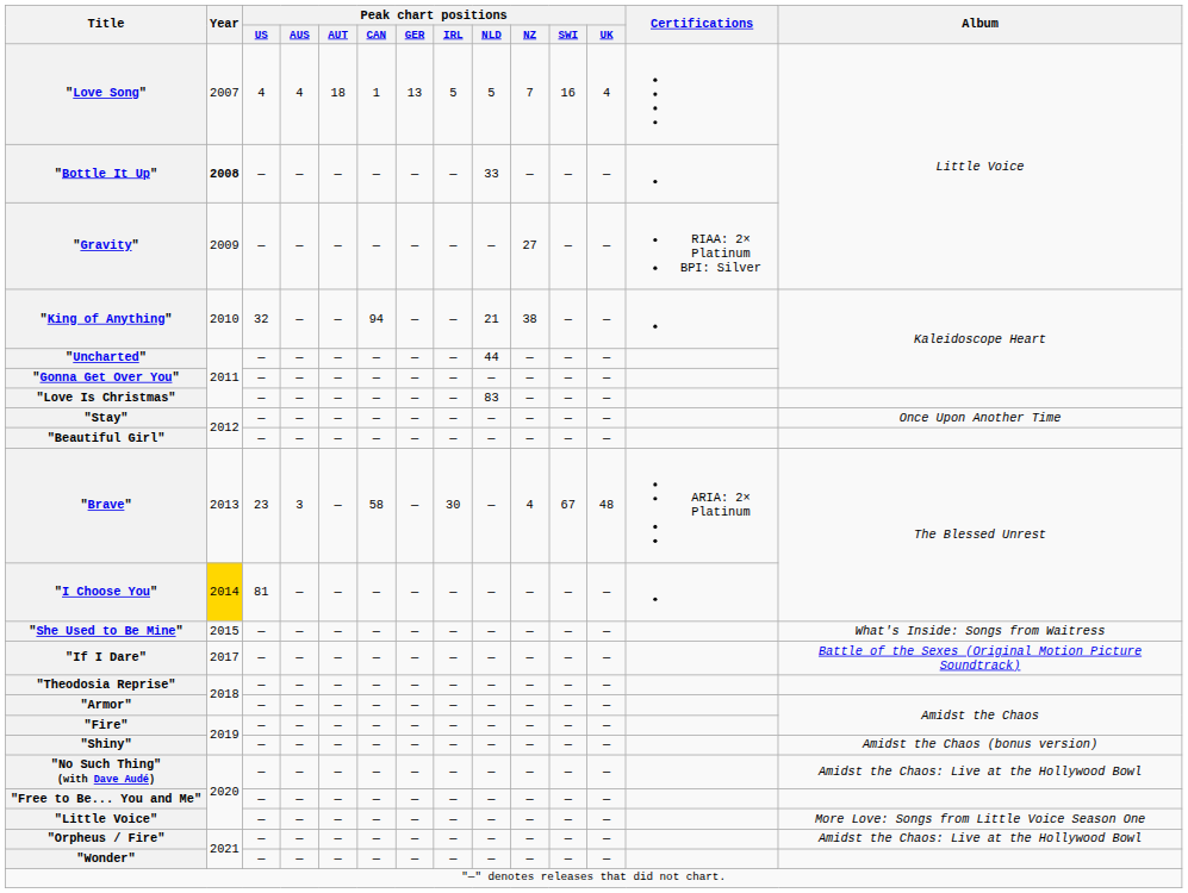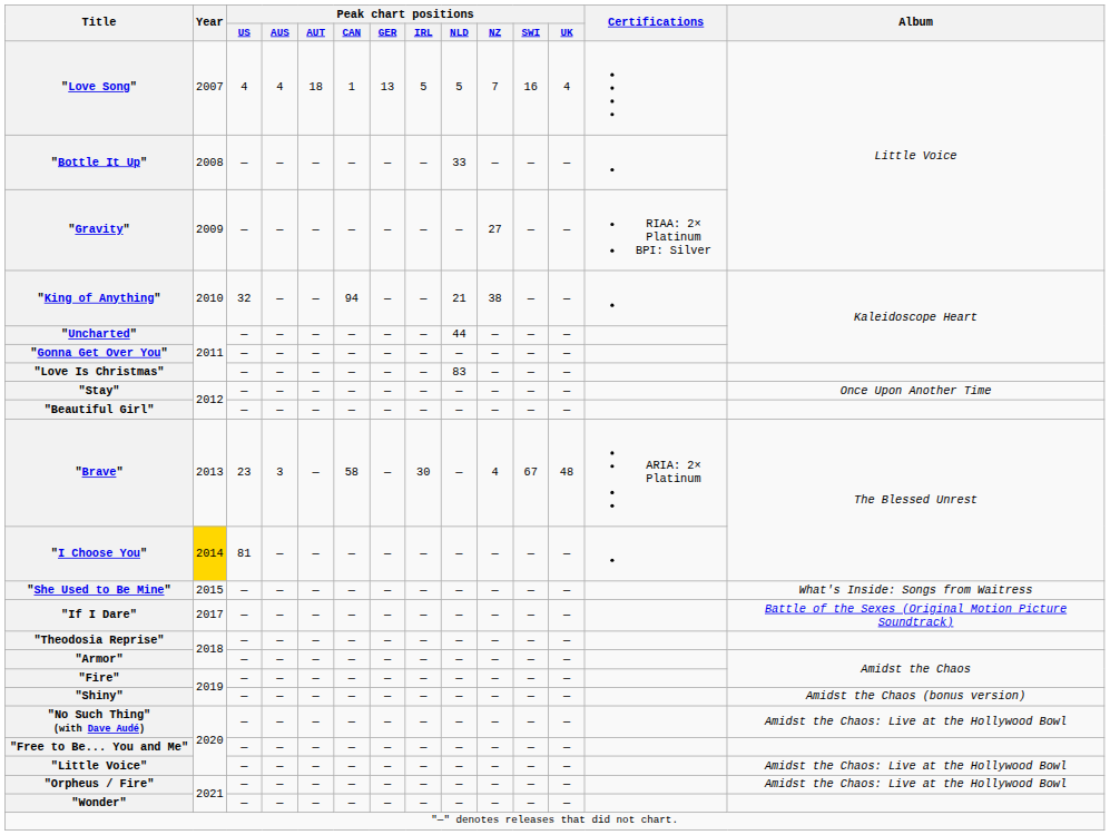 <table class="wikitable plainrowheaders" style="text-align:center;">
 <tr>
 <th scope="col" rowspan="2" style="width:16em;">Title</th>
 <th scope="col" rowspan="2">Year</th>
 <th scope="col" colspan="10">Peak chart positions</th>
 <th scope="col" rowspan="2" style="width:12em;"><a href='#'>Certifications</a></th>
 <th scope="col" rowspan="2">Album</th>
 </tr>
 <tr>
 <th scope="col" style="width:3em;font-size:90%;"><a href='#'>US</a><br></th>
 <th scope="col" style="width:3em;font-size:90%;"><a href='#'>AUS</a><br></th>
 <th scope="col" style="width:3em;font-size:90%;"><a href='#'>AUT</a><br></th>
 <th scope="col" style="width:3em;font-size:90%;"><a href='#'>CAN</a><br></th>
 <th scope="col" style="width:3em;font-size:90%;"><a href='#'>GER</a><br></th>
 <th scope="col" style="width:3em;font-size:90%;"><a href='#'>IRL</a><br></th>
 <th scope="col" style="width:3em;font-size:90%;"><a href='#'>NLD</a><br></th>
 <th scope="col" style="width:3em;font-size:90%;"><a href='#'>NZ</a><br></th>
 <th scope="col" style="width:3em;font-size:90%;"><a href='#'>SWI</a><br></th>
 <th scope="col" style="width:3em;font-size:90%;"><a href='#'>UK</a><br></th>
 </tr>
 <tr>
 <th scope="row">"<a href='#'>Love Song</a>"</th>
 <td>2007</td>
 <td>4</td>
 <td>4</td>
 <td>18</td>
 <td>1</td>
 <td>13</td>
 <td>5</td>
 <td>5</td>
 <td>7</td>
 <td>16</td>
 <td>4</td>
 <td><br><ul><li></li><li></li><li></li><li></li></ul></td>
 <td rowspan="3"><em>Little Voice</em></td>
 </tr>
 <tr>
 <th scope="row">"<a href='#'>Bottle It Up</a>"</th>
-<td><strong>2008</strong></td>
+<td>2008</td>
 <td>—</td>
 <td>—</td>
 <td>—</td>
 <td>—</td>
 <td>—</td>
 <td>—</td>
 <td>33</td>
 <td>—</td>
 <td>—</td>
 <td>—</td>
 <td><br><ul><li></li></ul></td>
 </tr>
 <tr>
 <th scope="row">"<a href='#'>Gravity</a>"</th>
 <td>2009</td>
 <td>—</td>
 <td>—</td>
 <td>—</td>
 <td>—</td>
 <td>—</td>
 <td>—</td>
 <td>—</td>
 <td>27</td>
 <td>—</td>
 <td>—</td>
 <td><br><ul><li>RIAA: 2× Platinum</li><li>BPI: Silver</li></ul></td>
 </tr>
 <tr>
 <th scope="row">"<a href='#'>King of Anything</a>"</th>
 <td>2010</td>
 <td>32</td>
 <td>—</td>
 <td>—</td>
 <td>94</td>
 <td>—</td>
 <td>—</td>
 <td>21</td>
 <td>38</td>
 <td>—</td>
 <td>—</td>
 <td><br><ul><li></li></ul></td>
 <td rowspan="3"><em>Kaleidoscope Heart</em></td>
 </tr>
 <tr>
 <th scope="row">"<a href='#'>Uncharted</a>"</th>
 <td rowspan="3">2011</td>
 <td>—</td>
 <td>—</td>
 <td>—</td>
 <td>—</td>
 <td>—</td>
 <td>—</td>
 <td>44</td>
 <td>—</td>
 <td>—</td>
 <td>—</td>
 <td></td>
 </tr>
 <tr>
 <th scope="row">"<a href='#'>Gonna Get Over You</a>"</th>
 <td>—</td>
 <td>—</td>
 <td>—</td>
 <td>—</td>
 <td>—</td>
 <td>—</td>
 <td>—</td>
 <td>—</td>
 <td>—</td>
 <td>—</td>
 <td></td>
 </tr>
 <tr>
 <th scope="row">"Love Is Christmas"</th>
 <td>—</td>
 <td>—</td>
 <td>—</td>
 <td>—</td>
 <td>—</td>
 <td>—</td>
 <td>83</td>
 <td>—</td>
 <td>—</td>
 <td>—</td>
 <td></td>
 <td></td>
 </tr>
 <tr>
 <th scope="row">"Stay"</th>
 <td rowspan="2">2012</td>
 <td>—</td>
 <td>—</td>
 <td>—</td>
 <td>—</td>
 <td>—</td>
 <td>—</td>
 <td>—</td>
 <td>—</td>
 <td>—</td>
 <td>—</td>
 <td></td>
 <td><em>Once Upon Another Time</em></td>
 </tr>
 <tr>
 <th scope="row">"Beautiful Girl"</th>
 <td>—</td>
 <td>—</td>
 <td>—</td>
 <td>—</td>
 <td>—</td>
 <td>—</td>
 <td>—</td>
 <td>—</td>
 <td>—</td>
 <td>—</td>
 <td></td>
 <td></td>
 </tr>
 <tr>
 <th scope="row">"<a href='#'>Brave</a>"</th>
 <td>2013</td>
 <td>23</td>
 <td>3</td>
 <td>—</td>
 <td>58</td>
 <td>—</td>
 <td>30</td>
 <td>—</td>
 <td>4</td>
 <td>67</td>
 <td>48</td>
 <td><br><ul><li></li><li>ARIA: 2× Platinum</li><li></li><li></li></ul></td>
 <td rowspan="2"><em>The Blessed Unrest</em></td>
 </tr>
 <tr>
 <th scope="row">"<a href='#'>I Choose You</a>"</th>
 <td style="background: gold;">2014</td>
 <td>81</td>
 <td>—</td>
 <td>—</td>
 <td>—</td>
 <td>—</td>
 <td>—</td>
 <td>—</td>
 <td>—</td>
 <td>—</td>
 <td>—</td>
 <td><br><ul><li></li></ul></td>
 </tr>
 <tr>
 <th scope="row">"<a href='#'>She Used to Be Mine</a>"</th>
 <td>2015</td>
 <td>—</td>
 <td>—</td>
 <td>—</td>
 <td>—</td>
 <td>—</td>
 <td>—</td>
 <td>—</td>
 <td>—</td>
 <td>—</td>
 <td>—</td>
 <td></td>
 <td><em>What's Inside: Songs from Waitress</em></td>
 </tr>
 <tr>
 <th scope="row">"If I Dare"</th>
 <td>2017</td>
 <td>—</td>
 <td>—</td>
 <td>—</td>
 <td>—</td>
 <td>—</td>
 <td>—</td>
 <td>—</td>
 <td>—</td>
 <td>—</td>
 <td>—</td>
 <td></td>
 <td><em><a href='#'>Battle of the Sexes (Original Motion Picture Soundtrack)</a></em></td>
 </tr>
 <tr>
 <th scope="row">"Theodosia Reprise"</th>
 <td rowspan="2">2018</td>
 <td>—</td>
 <td>—</td>
 <td>—</td>
 <td>—</td>
 <td>—</td>
 <td>—</td>
 <td>—</td>
 <td>—</td>
 <td>—</td>
 <td>—</td>
 <td></td>
 <td></td>
 </tr>
 <tr>
 <th scope="row">"Armor"</th>
 <td>—</td>
 <td>—</td>
 <td>—</td>
 <td>—</td>
 <td>—</td>
 <td>—</td>
 <td>—</td>
 <td>—</td>
 <td>—</td>
 <td>—</td>
 <td></td>
 <td rowspan="2"><em>Amidst the Chaos</em></td>
 </tr>
 <tr>
 <th scope="row">"Fire"</th>
 <td rowspan="2">2019</td>
 <td>—</td>
 <td>—</td>
 <td>—</td>
 <td>—</td>
 <td>—</td>
 <td>—</td>
 <td>—</td>
 <td>—</td>
 <td>—</td>
 <td>—</td>
 </tr>
 <tr>
 <th scope="row">"Shiny"</th>
 <td>—</td>
 <td>—</td>
 <td>—</td>
 <td>—</td>
 <td>—</td>
 <td>—</td>
 <td>—</td>
 <td>—</td>
 <td>—</td>
 <td>—</td>
 <td></td>
 <td><em>Amidst the Chaos (bonus version)</em></td>
 </tr>
 <tr>
 <th scope="row">"No Such Thing"<br><small>(with <a href='#'>Dave Audé</a>)</small></th>
 <td rowspan="3">2020</td>
 <td>—</td>
 <td>—</td>
 <td>—</td>
 <td>—</td>
 <td>—</td>
 <td>—</td>
 <td>—</td>
 <td>—</td>
 <td>—</td>
 <td>—</td>
 <td></td>
 <td><em>Amidst the Chaos: Live at the Hollywood Bowl</em></td>
 </tr>
 <tr>
 <th scope="row">"Free to Be... You and Me"</th>
 <td>—</td>
 <td>—</td>
 <td>—</td>
 <td>—</td>
 <td>—</td>
 <td>—</td>
 <td>—</td>
 <td>—</td>
 <td>—</td>
 <td>—</td>
 <td></td>
 </tr>
 <tr>
 <th scope="row">"Little Voice"</th>
 <td>—</td>
 <td>—</td>
 <td>—</td>
 <td>—</td>
 <td>—</td>
 <td>—</td>
 <td>—</td>
 <td>—</td>
 <td>—</td>
 <td>—</td>
 <td></td>
-<td><em>More Love: Songs from Little Voice Season One</em></td>
+<td><em>Amidst the Chaos: Live at the Hollywood Bowl</em></td>
 </tr>
 <tr>
 <th scope="row">"Orpheus / Fire"</th>
 <td rowspan="2">2021</td>
 <td>—</td>
 <td>—</td>
 <td>—</td>
 <td>—</td>
 <td>—</td>
 <td>—</td>
 <td>—</td>
 <td>—</td>
 <td>—</td>
 <td>—</td>
 <td></td>
 <td><em>Amidst the Chaos: Live at the Hollywood Bowl</em></td>
 </tr>
 <tr>
 <th scope="row">"Wonder" <br> </th>
 <td>—</td>
 <td>—</td>
 <td>—</td>
 <td>—</td>
 <td>—</td>
 <td>—</td>
 <td>—</td>
 <td>—</td>
 <td>—</td>
 <td>—</td>
 <td></td>
 <td></td>
 </tr>
 <tr>
 <td colspan="19" style="font-size:90%">"—" denotes releases that did not chart.</td>
 </tr>
 </table>
